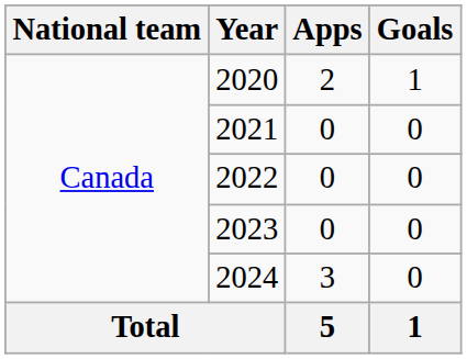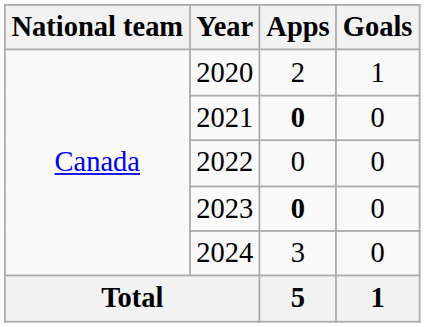 <table class="wikitable" style="text-align:center">
 <tr>
 <th>National team</th>
 <th>Year</th>
 <th>Apps</th>
 <th>Goals</th>
 </tr>
 <tr>
 <td rowspan="5"><a href='#'>Canada</a></td>
 <td>2020</td>
 <td>2</td>
 <td>1</td>
 </tr>
 <tr>
 <td>2021</td>
-<td>0</td>
+<td><strong>0</strong></td>
 <td>0</td>
 </tr>
 <tr>
 <td>2022</td>
 <td>0</td>
 <td>0</td>
 </tr>
 <tr>
 <td>2023</td>
-<td>0</td>
+<td><strong>0</strong></td>
 <td>0</td>
 </tr>
 <tr>
 <td>2024</td>
 <td>3</td>
 <td>0</td>
 </tr>
 <tr>
 <th colspan="2">Total</th>
 <th>5</th>
 <th>1</th>
 </tr>
 </table>
